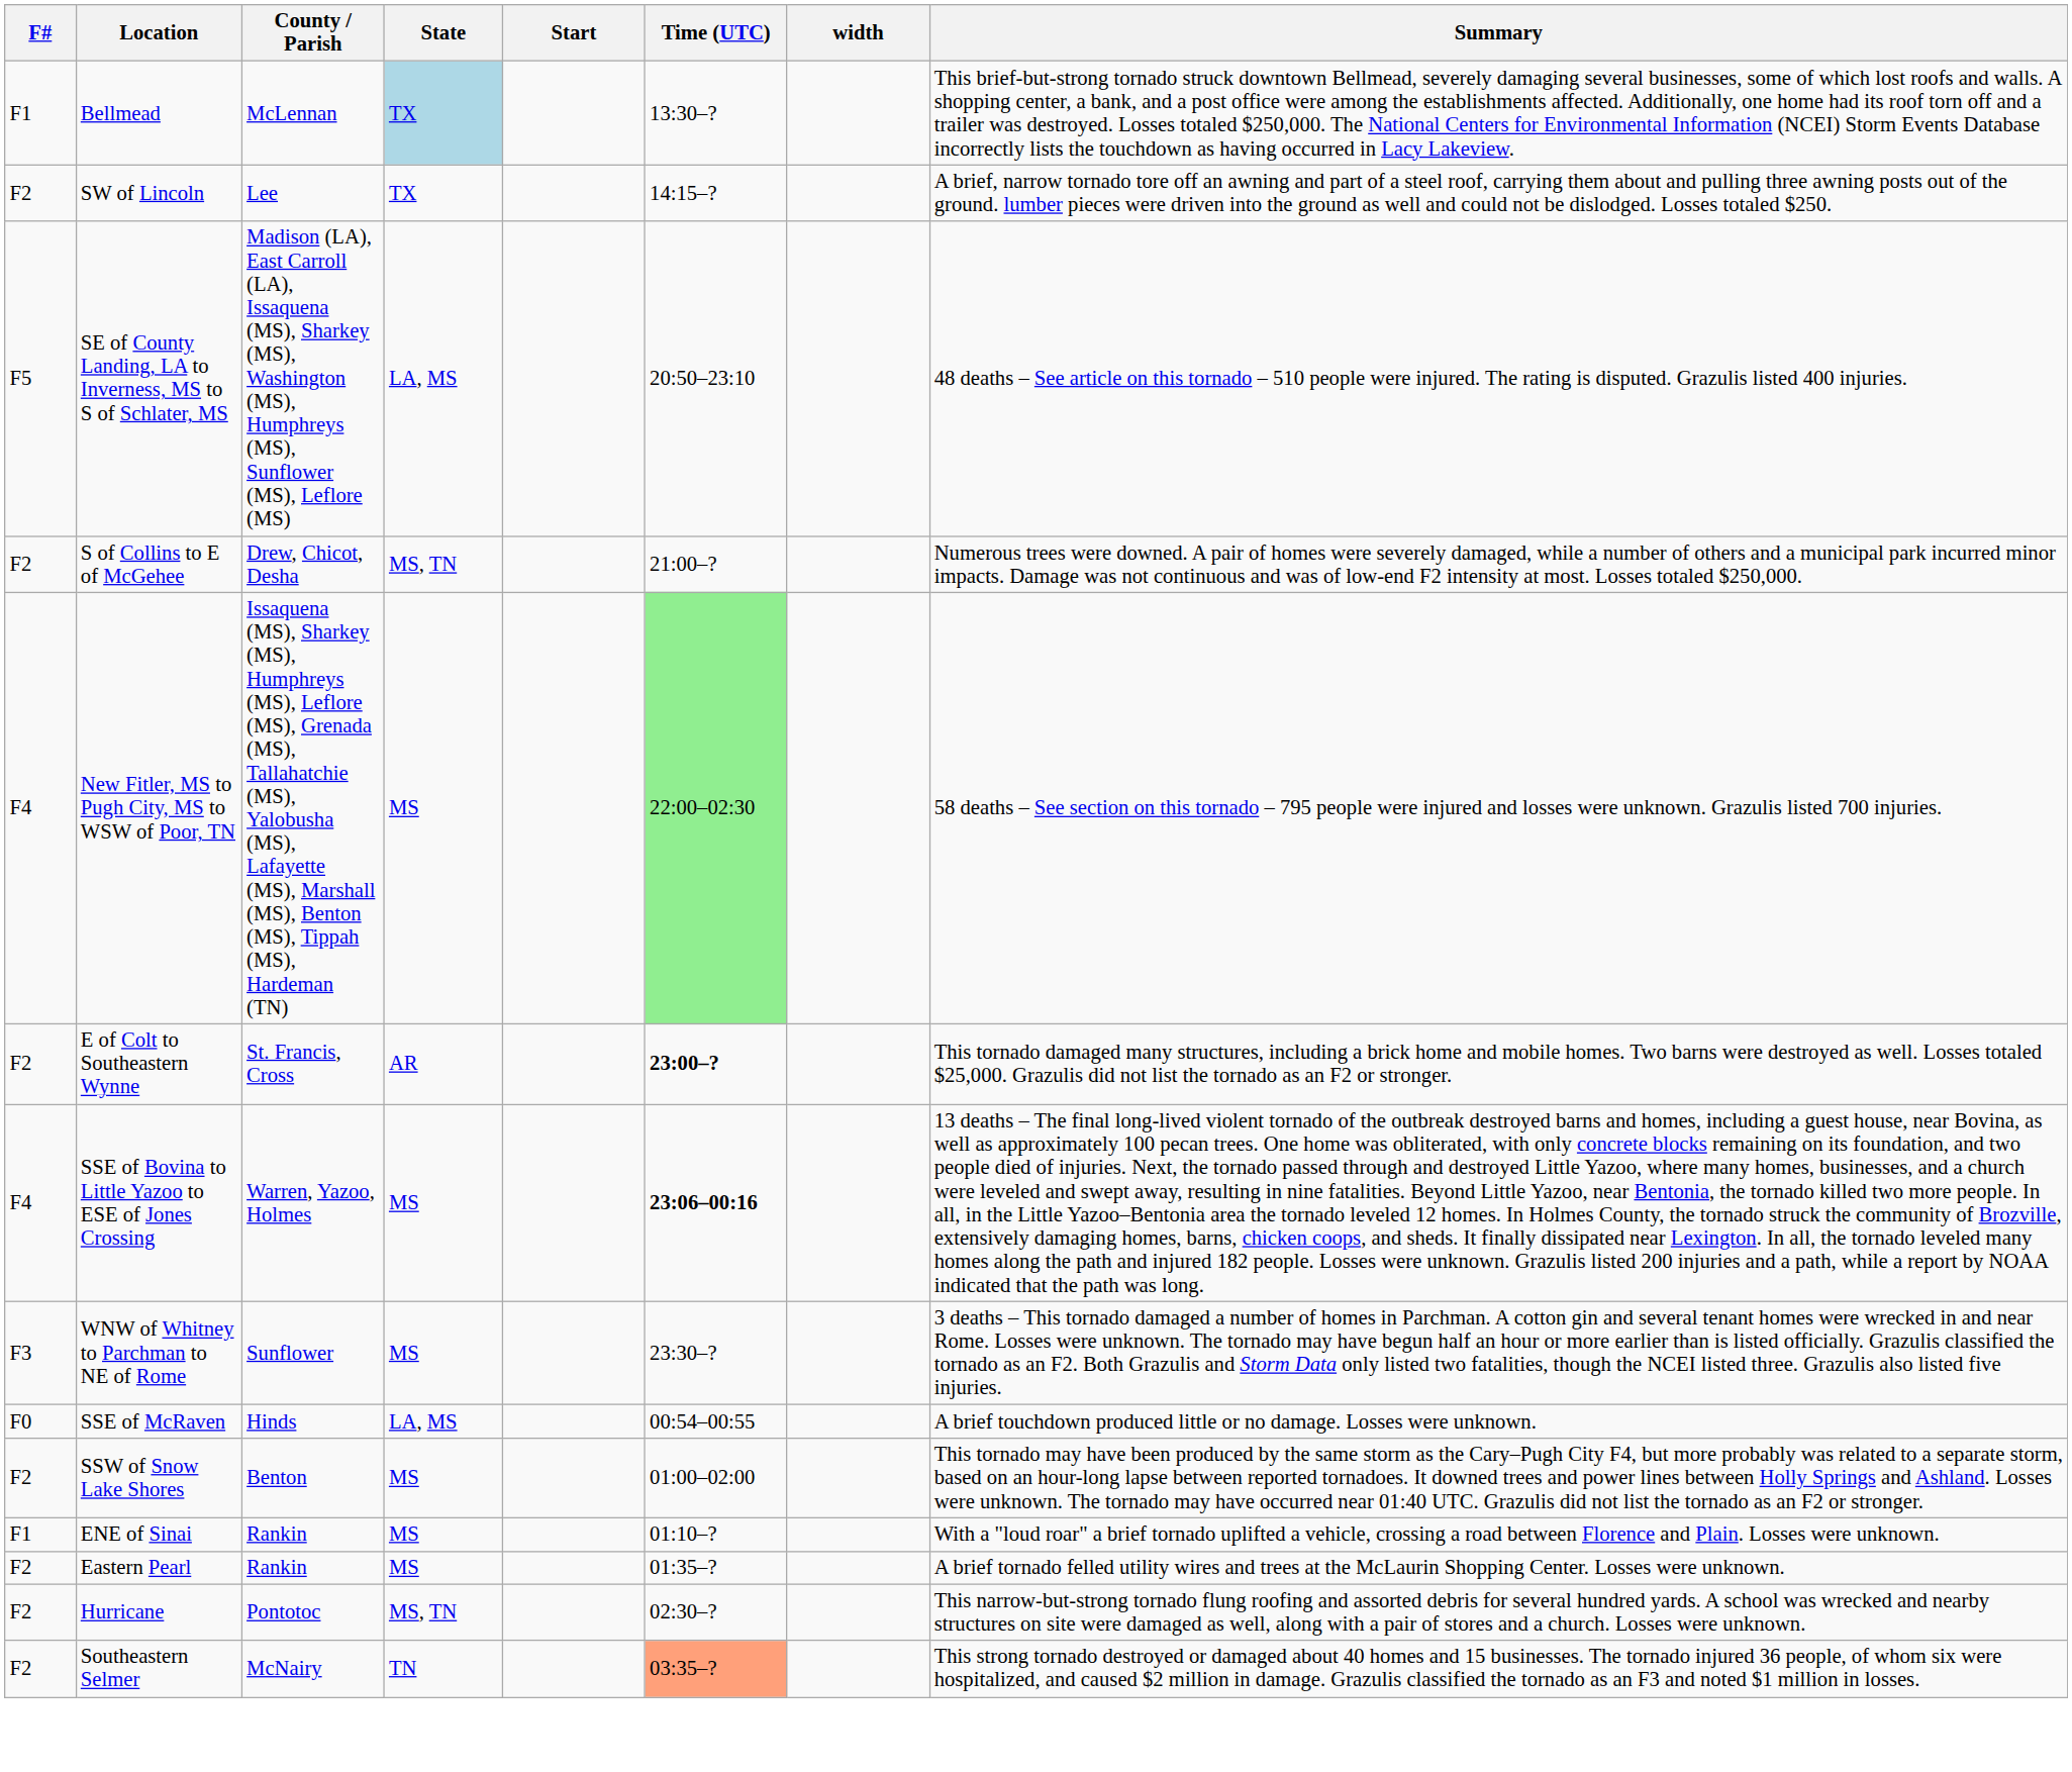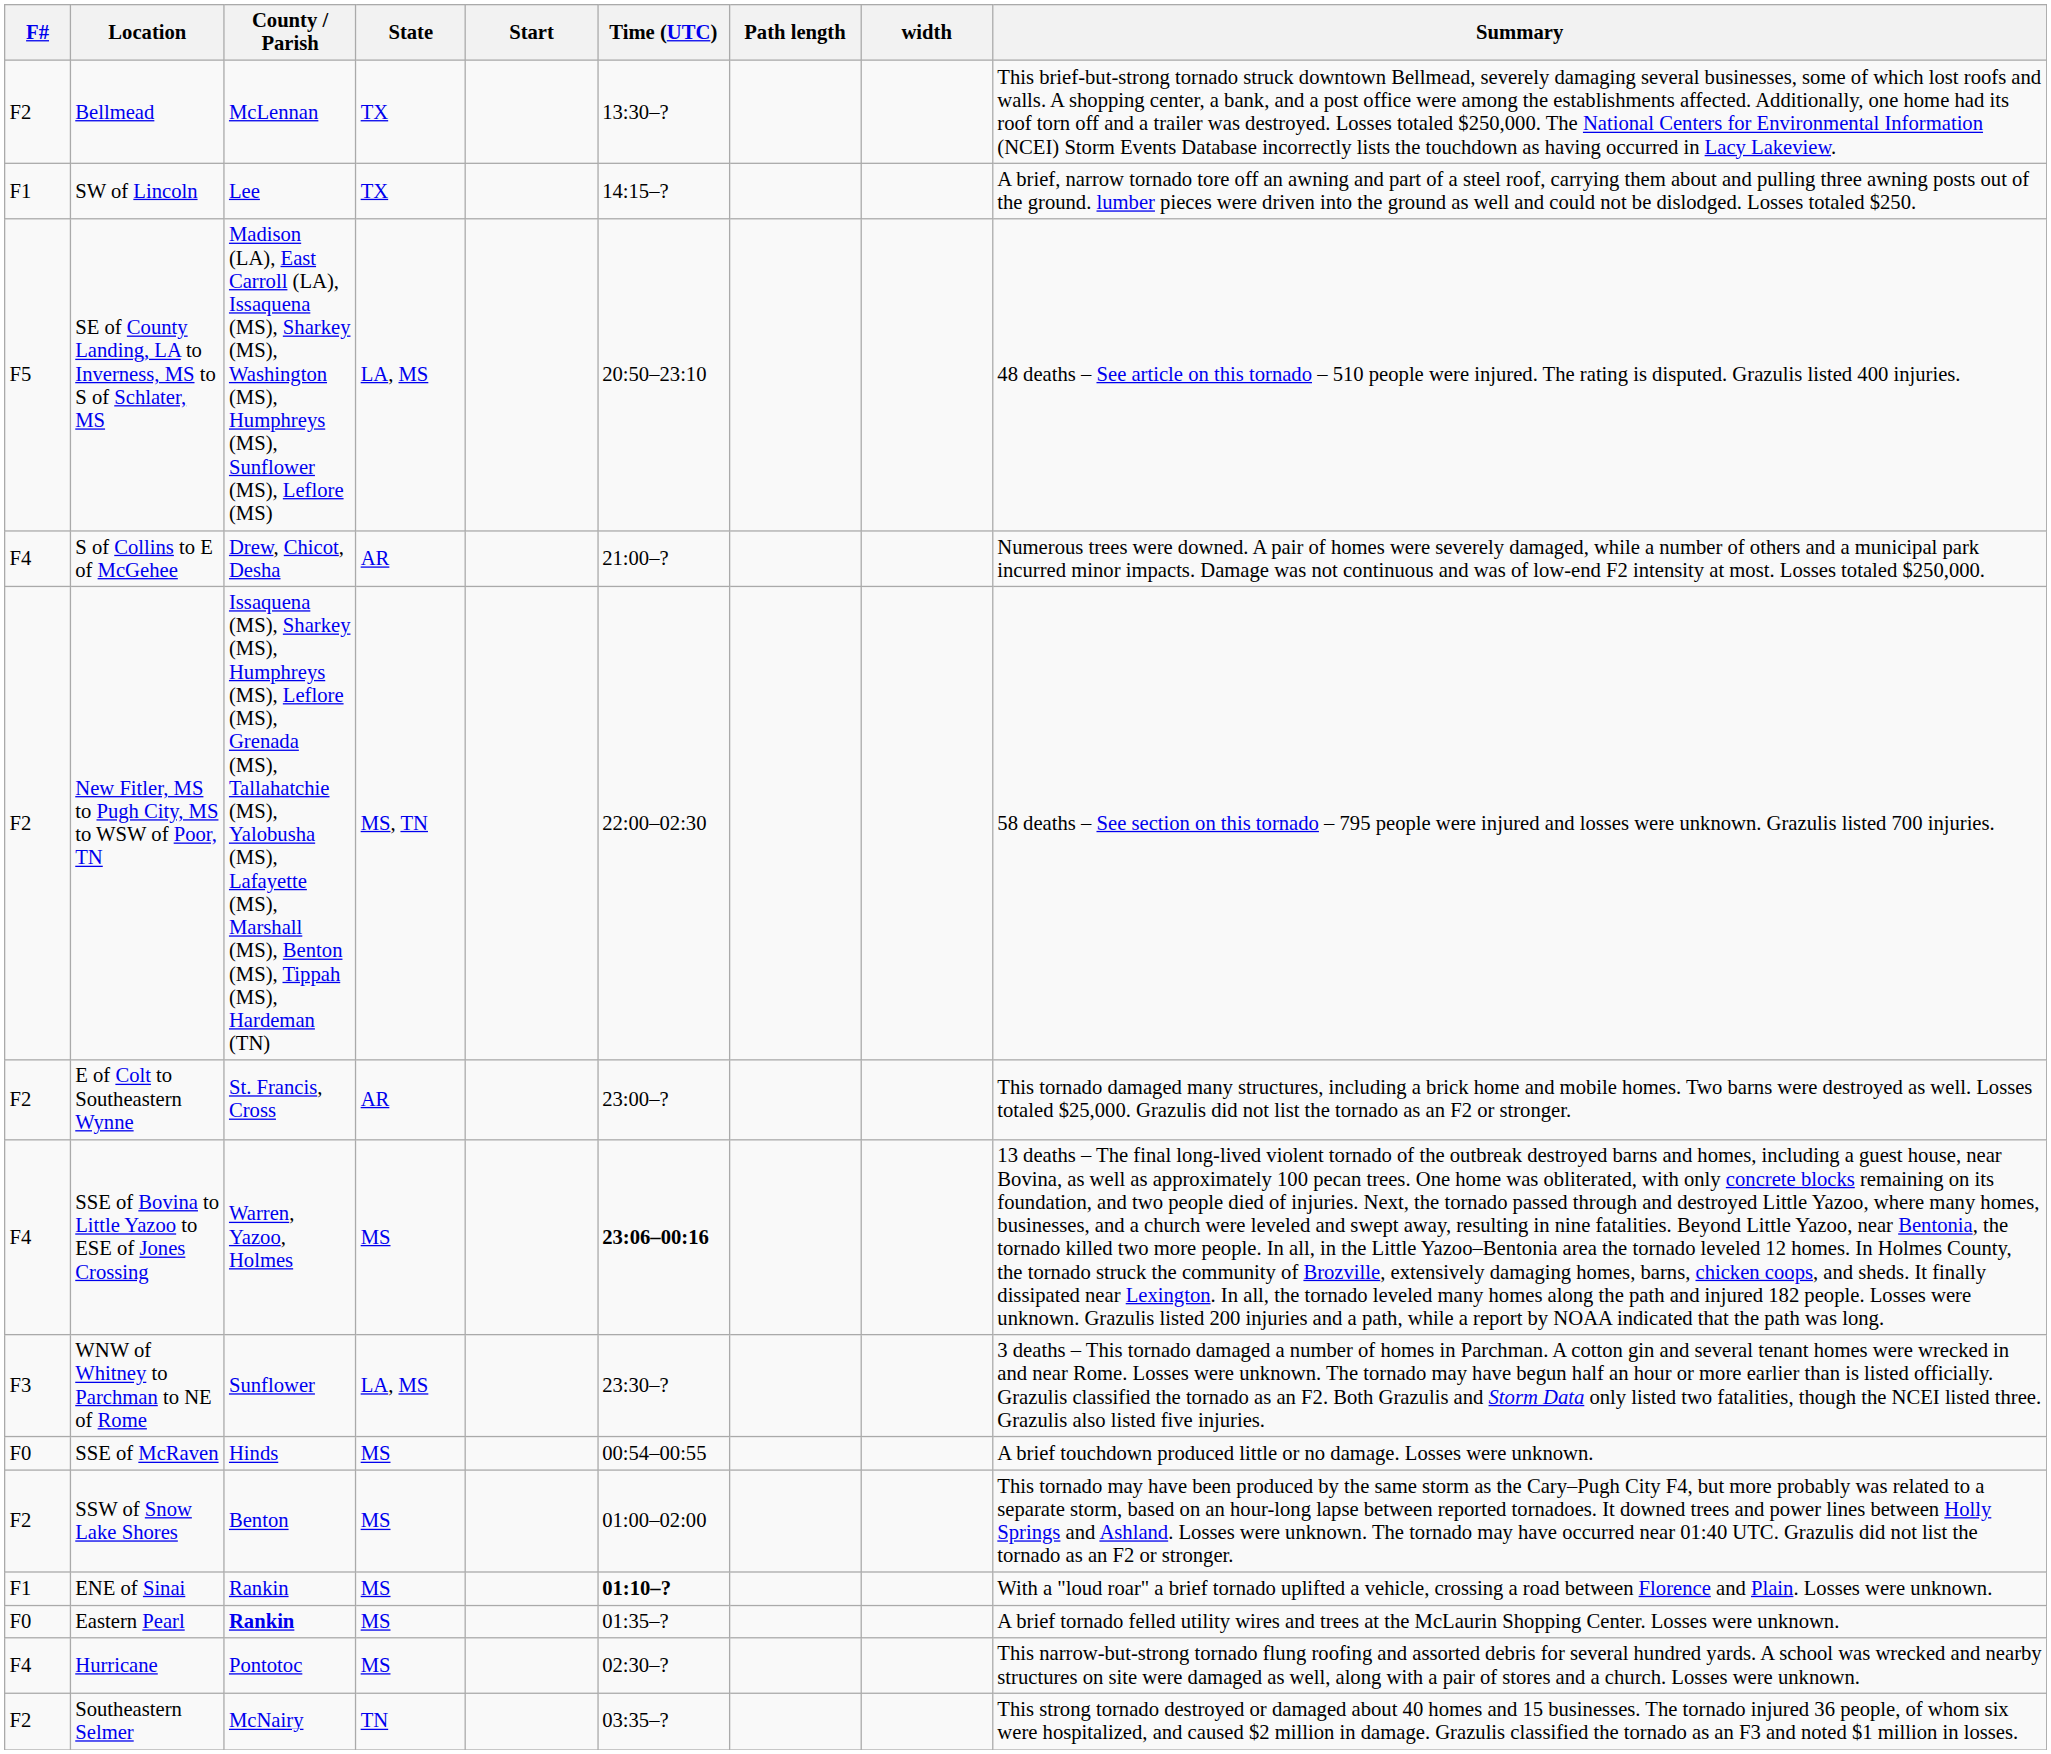 <table class="wikitable sortable" style="width:100%;">
 <tr>
 <th scope="col"  style="width:3%; text-align:center;"><a href='#'>F#</a></th>
 <th scope="col"  style="width:7%; text-align:center;" class="unsortable">Location</th>
 <th scope="col"  style="width:6%; text-align:center;" class="unsortable">County / Parish</th>
 <th scope="col"  style="width:5%; text-align:center;">State</th>
 <th scope="col"  style="width:6%; text-align:center;">Start<br></th>
 <th scope="col"  style="width:6%; text-align:center;">Time (<a href='#'>UTC</a>)</th>
+<th scope="col"  style="width:6%; text-align:center;">Path length</th>
 <th scope="col"  style="width:6%; text-align:center;"> width</th>
 <th scope="col" class="unsortable" style="width:48%; text-align:center;">Summary</th>
 </tr>
 <tr>
-<td>F1</td>
+<td>F2</td>
 <td><a href='#'>Bellmead</a></td>
 <td><a href='#'>McLennan</a></td>
-<td style="background: lightblue;"><a href='#'>TX</a></td>
+<td><a href='#'>TX</a></td>
 <td></td>
 <td>13:30–?</td>
+<td></td>
 <td></td>
 <td>This brief-but-strong tornado struck downtown Bellmead, severely damaging several businesses, some of which lost roofs and walls. A shopping center, a bank, and a post office were among the establishments affected. Additionally, one home had its roof torn off and a trailer was destroyed. Losses totaled $250,000. The <a href='#'>National Centers for Environmental Information</a> (NCEI) Storm Events Database incorrectly lists the touchdown as having occurred in <a href='#'>Lacy Lakeview</a>.</td>
 </tr>
 <tr>
-<td>F2</td>
+<td>F1</td>
 <td>SW of <a href='#'>Lincoln</a></td>
 <td><a href='#'>Lee</a></td>
 <td><a href='#'>TX</a></td>
 <td></td>
 <td>14:15–?</td>
+<td></td>
 <td></td>
 <td>A brief, narrow tornado tore off an awning and part of a steel roof, carrying them about  and pulling three awning posts out of the ground.  <a href='#'>lumber</a> pieces were driven into the ground as well and could not be dislodged. Losses totaled $250.</td>
 </tr>
 <tr>
 <td>F5</td>
 <td>SE of <a href='#'>County Landing, LA</a> to <a href='#'>Inverness, MS</a> to S of <a href='#'>Schlater, MS</a></td>
 <td><a href='#'>Madison</a> (LA), <a href='#'>East Carroll</a> (LA), <a href='#'>Issaquena</a> (MS), <a href='#'>Sharkey</a> (MS), <a href='#'>Washington</a> (MS), <a href='#'>Humphreys</a> (MS), <a href='#'>Sunflower</a> (MS), <a href='#'>Leflore</a> (MS)</td>
 <td><a href='#'>LA</a>, <a href='#'>MS</a></td>
 <td></td>
 <td>20:50–23:10</td>
 <td></td>
+<td></td>
 <td>48 deaths – <a href='#'>See article on this tornado</a> – 510 people were injured. The rating is disputed. Grazulis listed 400 injuries.</td>
 </tr>
 <tr>
-<td>F2</td>
+<td>F4</td>
 <td>S of <a href='#'>Collins</a> to E of <a href='#'>McGehee</a></td>
 <td><a href='#'>Drew</a>, <a href='#'>Chicot</a>, <a href='#'>Desha</a></td>
-<td><a href='#'>MS</a>, <a href='#'>TN</a></td>
+<td><a href='#'>AR</a></td>
 <td></td>
 <td>21:00–?</td>
+<td></td>
 <td></td>
 <td>Numerous trees were downed. A pair of homes were severely damaged, while a number of others and a municipal park incurred minor impacts. Damage was not continuous and was of low-end F2 intensity at most. Losses totaled $250,000.</td>
 </tr>
 <tr>
-<td>F4</td>
+<td>F2</td>
 <td><a href='#'>New Fitler, MS</a> to <a href='#'>Pugh City, MS</a> to WSW of <a href='#'>Poor, TN</a></td>
 <td><a href='#'>Issaquena</a> (MS), <a href='#'>Sharkey</a> (MS), <a href='#'>Humphreys</a> (MS), <a href='#'>Leflore</a> (MS), <a href='#'>Grenada</a> (MS), <a href='#'>Tallahatchie</a> (MS), <a href='#'>Yalobusha</a> (MS), <a href='#'>Lafayette</a> (MS), <a href='#'>Marshall</a> (MS), <a href='#'>Benton</a> (MS), <a href='#'>Tippah</a> (MS), <a href='#'>Hardeman</a> (TN)</td>
-<td><a href='#'>MS</a></td>
+<td><a href='#'>MS</a>, <a href='#'>TN</a></td>
 <td></td>
-<td style="background: lightgreen;">22:00–02:30</td>
+<td>22:00–02:30</td>
+<td></td>
 <td></td>
 <td>58 deaths – <a href='#'>See section on this tornado</a> – 795 people were injured and losses were unknown. Grazulis listed 700 injuries.</td>
 </tr>
 <tr>
 <td>F2</td>
 <td>E of <a href='#'>Colt</a> to Southeastern <a href='#'>Wynne</a></td>
 <td><a href='#'>St. Francis</a>, <a href='#'>Cross</a></td>
 <td><a href='#'>AR</a></td>
 <td></td>
-<td><strong>23:00–?</strong></td>
+<td>23:00–?</td>
+<td></td>
 <td></td>
 <td>This tornado damaged many structures, including a brick home and mobile homes. Two barns were destroyed as well. Losses totaled $25,000. Grazulis did not list the tornado as an F2 or stronger.</td>
 </tr>
 <tr>
 <td>F4</td>
 <td>SSE of <a href='#'>Bovina</a> to <a href='#'>Little Yazoo</a> to ESE of <a href='#'>Jones Crossing</a></td>
 <td><a href='#'>Warren</a>, <a href='#'>Yazoo</a>, <a href='#'>Holmes</a></td>
 <td><a href='#'>MS</a></td>
 <td></td>
 <td><strong>23:06–00:16</strong></td>
 <td></td>
+<td></td>
 <td>13 deaths – The final long-lived violent tornado of the outbreak destroyed barns and homes, including a guest house, near Bovina, as well as approximately 100 pecan trees. One home was obliterated, with only <a href='#'>concrete blocks</a> remaining on its foundation, and two people died of injuries. Next, the tornado passed through and destroyed Little Yazoo, where many homes, businesses, and a church were leveled and swept away, resulting in nine fatalities. Beyond Little Yazoo, near <a href='#'>Bentonia</a>, the tornado killed two more people. In all, in the Little Yazoo–Bentonia area the tornado leveled 12 homes. In Holmes County, the tornado struck the community of <a href='#'>Brozville</a>, extensively damaging homes, barns, <a href='#'>chicken coops</a>, and sheds. It finally dissipated near <a href='#'>Lexington</a>. In all, the tornado leveled many homes along the path and injured 182 people. Losses were unknown. Grazulis listed 200 injuries and a  path, while a report by NOAA indicated that the path was  long.</td>
 </tr>
 <tr>
 <td>F3</td>
 <td>WNW of <a href='#'>Whitney</a> to <a href='#'>Parchman</a> to NE of <a href='#'>Rome</a></td>
 <td><a href='#'>Sunflower</a></td>
-<td><a href='#'>MS</a></td>
+<td><a href='#'>LA</a>, <a href='#'>MS</a></td>
 <td></td>
 <td>23:30–?</td>
+<td></td>
 <td></td>
 <td>3 deaths – This tornado damaged a number of homes in Parchman. A cotton gin and several tenant homes were wrecked in and near Rome. Losses were unknown. The tornado may have begun half an hour or more earlier than is listed officially. Grazulis classified the tornado as an F2. Both Grazulis and <em><a href='#'>Storm Data</a></em> only listed two fatalities, though the NCEI listed three. Grazulis also listed five injuries.</td>
 </tr>
 <tr>
 <td>F0</td>
 <td>SSE of <a href='#'>McRaven</a></td>
 <td><a href='#'>Hinds</a></td>
-<td><a href='#'>LA</a>, <a href='#'>MS</a></td>
+<td><a href='#'>MS</a></td>
 <td></td>
 <td>00:54–00:55</td>
+<td></td>
 <td></td>
 <td>A brief touchdown produced little or no damage. Losses were unknown.</td>
 </tr>
 <tr>
 <td>F2</td>
 <td>SSW of <a href='#'>Snow Lake Shores</a></td>
 <td><a href='#'>Benton</a></td>
 <td><a href='#'>MS</a></td>
 <td></td>
 <td>01:00–02:00</td>
 <td></td>
+<td></td>
 <td>This tornado may have been produced by the same storm as the Cary–Pugh City F4, but more probably was related to a separate storm, based on an hour-long lapse between reported tornadoes. It downed trees and power lines between <a href='#'>Holly Springs</a> and <a href='#'>Ashland</a>. Losses were unknown. The tornado may have occurred near 01:40 UTC. Grazulis did not list the tornado as an F2 or stronger.</td>
 </tr>
 <tr>
 <td>F1</td>
 <td>ENE of <a href='#'>Sinai</a></td>
 <td><a href='#'>Rankin</a></td>
 <td><a href='#'>MS</a></td>
 <td></td>
-<td>01:10–?</td>
+<td><strong>01:10–?</strong></td>
+<td></td>
 <td></td>
 <td>With a "loud roar" a brief tornado uplifted a vehicle, crossing a road between <a href='#'>Florence</a> and <a href='#'>Plain</a>. Losses were unknown.</td>
 </tr>
 <tr>
-<td>F2</td>
+<td>F0</td>
 <td>Eastern <a href='#'>Pearl</a></td>
-<td><a href='#'>Rankin</a></td>
+<td><strong><a href='#'>Rankin</a></strong></td>
 <td><a href='#'>MS</a></td>
 <td></td>
 <td>01:35–?</td>
 <td></td>
+<td></td>
 <td>A brief tornado felled utility wires and trees at the McLaurin Shopping Center. Losses were unknown.</td>
 </tr>
 <tr>
-<td>F2</td>
+<td>F4</td>
 <td><a href='#'>Hurricane</a></td>
 <td><a href='#'>Pontotoc</a></td>
-<td><a href='#'>MS</a>, <a href='#'>TN</a></td>
+<td><a href='#'>MS</a></td>
 <td></td>
 <td>02:30–?</td>
+<td></td>
 <td></td>
 <td>This narrow-but-strong tornado flung roofing and assorted debris for several hundred yards. A school was wrecked and nearby structures on site were damaged as well, along with a pair of stores and a church. Losses were unknown.</td>
 </tr>
 <tr>
 <td>F2</td>
 <td>Southeastern <a href='#'>Selmer</a></td>
 <td><a href='#'>McNairy</a></td>
 <td><a href='#'>TN</a></td>
 <td></td>
-<td style="background: lightsalmon;">03:35–?</td>
+<td>03:35–?</td>
+<td></td>
 <td></td>
 <td>This strong tornado destroyed or damaged about 40 homes and 15 businesses. The tornado injured 36 people, of whom six were hospitalized, and caused $2 million in damage. Grazulis classified the tornado as an F3 and noted $1 million in losses.</td>
 </tr>
 </table>
